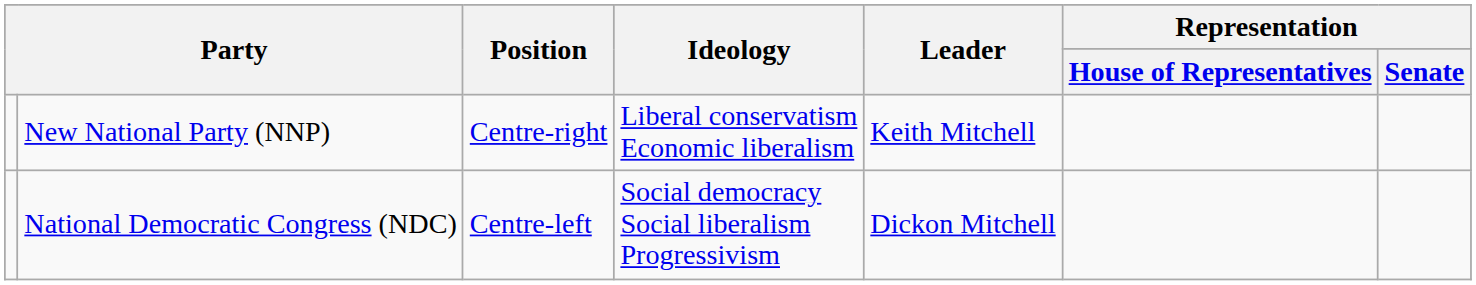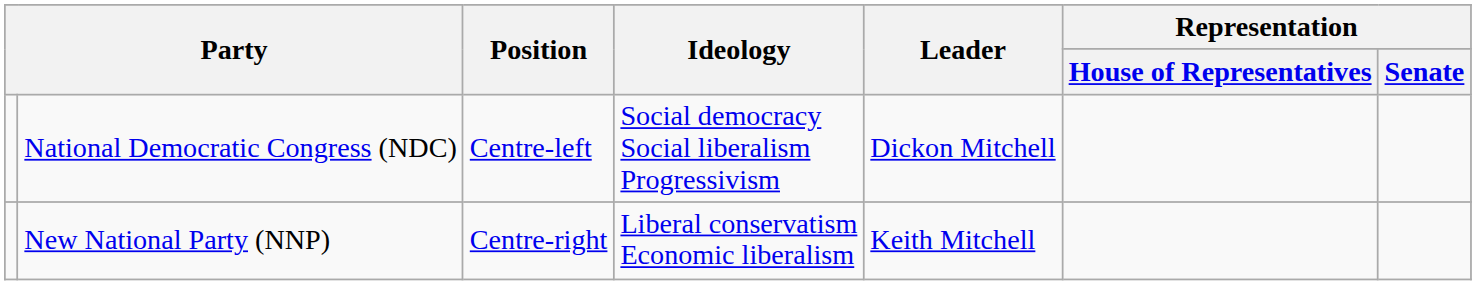 <table class ="wikitable">
 <tr>
 <th colspan=2 rowspan=2>Party</th>
 <th rowspan="2">Position</th>
 <th rowspan="2">Ideology</th>
 <th rowspan="2">Leader</th>
 <th colspan=2>Representation</th>
 </tr>
 <tr>
 <th><a href='#'>House of Representatives</a></th>
 <th><a href='#'>Senate</a></th>
 </tr>
 <tr>
 <td style="background:"></td>
+<td><a href='#'>National Democratic Congress</a> (NDC)</td>
+<td><a href='#'>Centre-left</a></td>
+<td><a href='#'>Social democracy</a><br><a href='#'>Social liberalism</a><br><a href='#'>Progressivism</a></td>
+<td><a href='#'>Dickon Mitchell</a></td>
+<td></td>
+<td></td>
+</tr>
+<tr>
+<td style="background:"></td>
 <td><a href='#'>New National Party</a> (NNP)</td>
 <td><a href='#'>Centre-right</a></td>
 <td><a href='#'>Liberal conservatism</a><br><a href='#'>Economic liberalism</a></td>
 <td><a href='#'>Keith Mitchell</a></td>
 <td></td>
 <td></td>
 </tr>
-<tr>
-<td style="background:"></td>
-<td><a href='#'>National Democratic Congress</a> (NDC)</td>
-<td><a href='#'>Centre-left</a></td>
-<td><a href='#'>Social democracy</a><br><a href='#'>Social liberalism</a><br><a href='#'>Progressivism</a></td>
-<td><a href='#'>Dickon Mitchell</a></td>
-<td></td>
-<td></td>
-</tr>
 </table>
